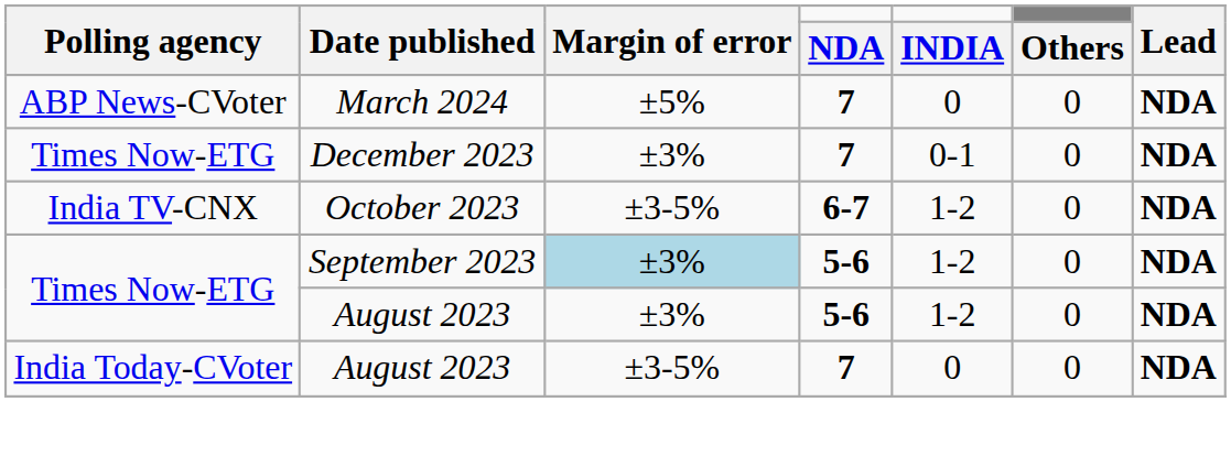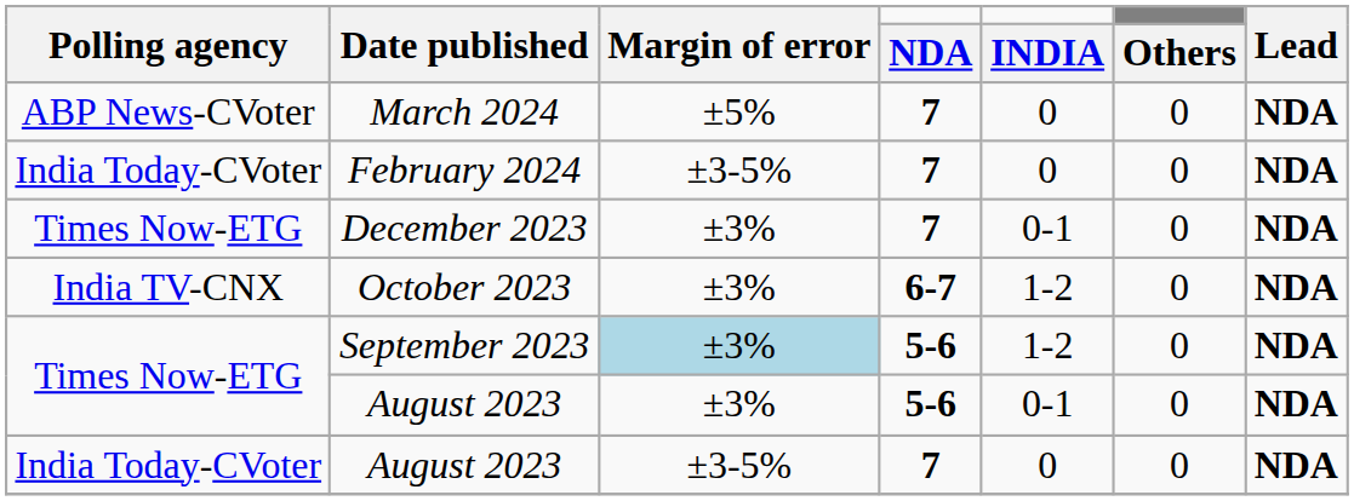 <table class="wikitable sortable" style="text-align:center;font-size:95%;line-height:16px">
 <tr>
 <th rowspan="2">Polling agency</th>
 <th rowspan="2">Date published</th>
 <th rowspan="2">Margin of error</th>
 <td bgcolor=></td>
 <td bgcolor=></td>
 <td bgcolor=grey></td>
 <th rowspan="2">Lead</th>
 </tr>
 <tr>
 <th><a href='#'>NDA</a></th>
 <th><a href='#'>INDIA</a></th>
 <th>Others</th>
 </tr>
 <tr>
 <td><a href='#'>ABP News</a>-CVoter</td>
 <td><em>March 2024</em></td>
 <td>±5%</td>
 <td bgcolor=><strong>7</strong></td>
 <td>0</td>
 <td>0</td>
 <td bgcolor=><strong>NDA</strong></td>
 </tr>
 <tr>
+<td><a href='#'>India Today</a>-CVoter</td>
+<td><em>February 2024</em></td>
+<td>±3-5%</td>
+<td bgcolor=><strong>7</strong></td>
+<td>0</td>
+<td>0</td>
+<td bgcolor=><strong>NDA</strong></td>
+</tr>
+<tr>
 <td><a href='#'>Times Now</a>-<a href='#'>ETG</a></td>
 <td><em>December 2023</em></td>
 <td>±3%</td>
 <td bgcolor=><strong>7</strong></td>
 <td>0-1</td>
 <td>0</td>
 <td bgcolor=><strong>NDA</strong></td>
 </tr>
 <tr>
 <td><a href='#'>India TV</a>-CNX</td>
 <td><em>October 2023</em></td>
-<td>±3-5%</td>
+<td>±3%</td>
 <td bgcolor=><strong>6-7</strong></td>
 <td>1-2</td>
 <td>0</td>
 <td bgcolor=><strong>NDA</strong></td>
 </tr>
 <tr>
 <td rowspan="2"><a href='#'>Times Now</a>-<a href='#'>ETG</a></td>
 <td><em>September 2023</em></td>
 <td style="background: lightblue;">±3%</td>
 <td bgcolor=><strong>5-6</strong></td>
 <td>1-2</td>
 <td>0</td>
 <td bgcolor=><strong>NDA</strong></td>
 </tr>
 <tr>
 <td><em>August 2023</em></td>
 <td>±3%</td>
 <td bgcolor=><strong>5-6</strong></td>
-<td>1-2</td>
+<td>0-1</td>
 <td>0</td>
 <td bgcolor=><strong>NDA</strong></td>
 </tr>
 <tr>
 <td><a href='#'>India Today</a>-<a href='#'>CVoter</a></td>
 <td><em>August 2023</em></td>
 <td>±3-5%</td>
 <td><strong>7</strong></td>
 <td>0</td>
 <td>0</td>
 <td><strong>NDA</strong></td>
 </tr>
 <tr>
 </tr>
 </table>
